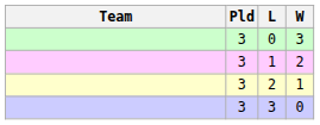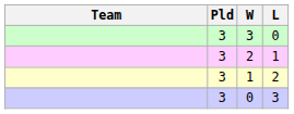 <table class="wikitable" style="text-align:center">
 <tr>
 <th style="width:200px;">Team</th>
 <th width="20">Pld</th>
+<th width="20">W</th>
 <th width="20">L</th>
-<th width="20">W</th>
 </tr>
 <tr style="background:#cfc">
+<td align=left></td>
+<td>3</td>
+<td>3</td>
+<td>0</td>
+</tr>
+<tr style="background:#fcf;">
+<td align=left></td>
+<td>3</td>
+<td>2</td>
+<td>1</td>
+</tr>
+<tr style="background:#ffc">
+<td align=left></td>
+<td>3</td>
+<td>1</td>
+<td>2</td>
+</tr>
+<tr style="background:#ccf;">
 <td align=left></td>
 <td>3</td>
 <td>0</td>
 <td>3</td>
 </tr>
-<tr style="background:#fcf;">
-<td align=left></td>
-<td>3</td>
-<td>1</td>
-<td>2</td>
-</tr>
-<tr style="background:#ffc">
-<td align=left></td>
-<td>3</td>
-<td>2</td>
-<td>1</td>
-</tr>
-<tr style="background:#ccf;">
-<td align=left></td>
-<td>3</td>
-<td>3</td>
-<td>0</td>
-</tr>
 </table>
